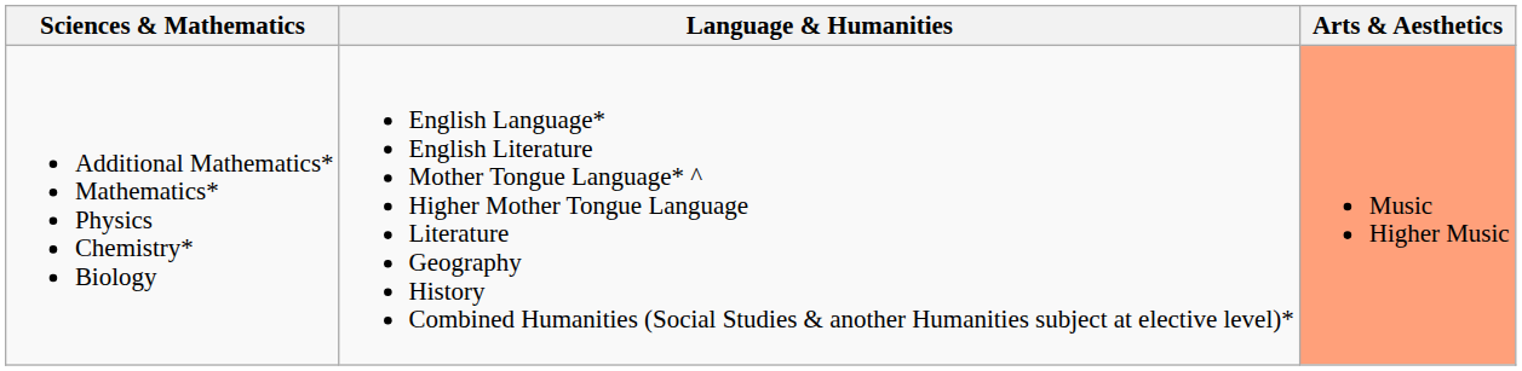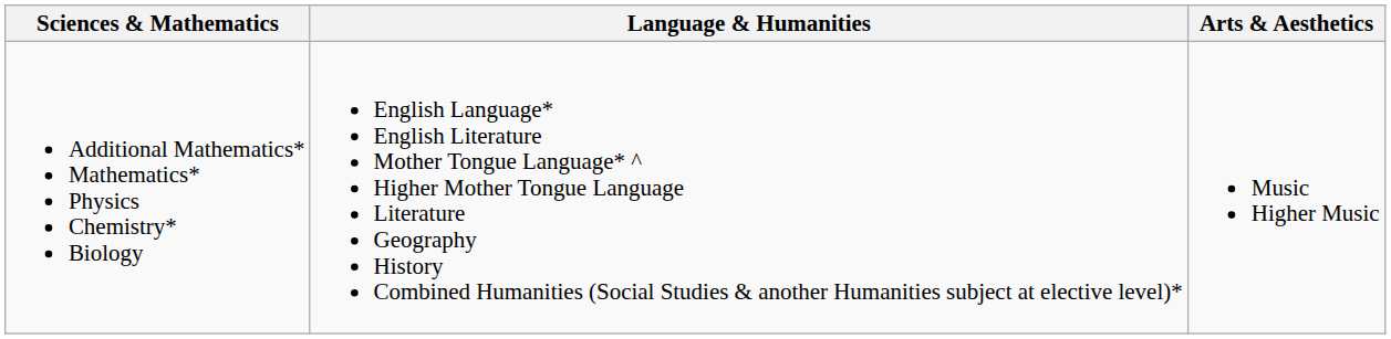 <table class="wikitable">
 <tr>
 <th>Sciences & Mathematics</th>
 <th><strong>Language & Humanities</strong></th>
 <th><strong>Arts & Aesthetics</strong></th>
 </tr>
 <tr>
 <td><br><ul><li>Additional Mathematics*</li><li>Mathematics*</li><li>Physics</li><li>Chemistry*</li><li>Biology</li></ul></td>
 <td><br><ul><li>English Language*</li><li>English Literature</li><li>Mother Tongue Language* ^</li><li>Higher Mother Tongue Language</li><li>Literature</li><li>Geography</li><li>History</li><li>Combined Humanities (Social Studies & another Humanities subject at elective level)*</li></ul></td>
-<td style="background: lightsalmon;"><br><ul><li>Music</li><li>Higher Music</li></ul></td>
+<td><br><ul><li>Music</li><li>Higher Music</li></ul></td>
 </tr>
 </table>
